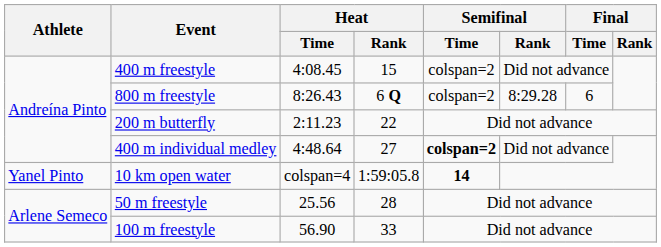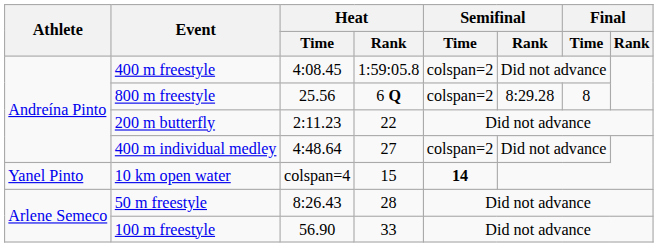 <table class=wikitable style="font-size:90%">
 <tr>
 <th rowspan="2">Athlete</th>
 <th rowspan="2">Event</th>
 <th colspan="2">Heat</th>
 <th colspan="2">Semifinal</th>
 <th colspan="2">Final</th>
 </tr>
 <tr style="font-size:95%">
 <th>Time</th>
 <th>Rank</th>
 <th>Time</th>
 <th>Rank</th>
 <th>Time</th>
 <th>Rank</th>
 </tr>
 <tr align=center>
 <td align=left rowspan=4><a href='#'>Andreína Pinto</a></td>
 <td align=left><a href='#'>400 m freestyle</a></td>
 <td>4:08.45</td>
-<td>15</td>
+<td>1:59:05.8</td>
 <td>colspan=2 </td>
 <td colspan=2>Did not advance</td>
 </tr>
 <tr align=center>
 <td align=left><a href='#'>800 m freestyle</a></td>
-<td>8:26.43</td>
+<td>25.56</td>
 <td>6 <strong>Q</strong></td>
 <td>colspan=2 </td>
 <td>8:29.28</td>
-<td>6</td>
+<td>8</td>
 </tr>
 <tr align=center>
 <td align=left><a href='#'>200 m butterfly</a></td>
 <td>2:11.23</td>
 <td>22</td>
 <td colspan=4>Did not advance</td>
 </tr>
 <tr align=center>
 <td align=left><a href='#'>400 m individual medley</a></td>
 <td>4:48.64</td>
 <td>27</td>
-<td><strong>colspan=2 </strong></td>
+<td>colspan=2 </td>
 <td colspan=2>Did not advance</td>
 </tr>
 <tr align=center>
 <td align=left><a href='#'>Yanel Pinto</a></td>
 <td align=left><a href='#'>10 km open water</a></td>
 <td>colspan=4 </td>
-<td>1:59:05.8</td>
+<td>15</td>
 <td><strong>14</strong></td>
 </tr>
 <tr align=center>
 <td align=left rowspan=2><a href='#'>Arlene Semeco</a></td>
 <td align=left><a href='#'>50 m freestyle</a></td>
-<td>25.56</td>
+<td>8:26.43</td>
 <td>28</td>
 <td colspan=4>Did not advance</td>
 </tr>
 <tr align=center>
 <td align=left><a href='#'>100 m freestyle</a></td>
 <td>56.90</td>
 <td>33</td>
 <td colspan=4>Did not advance</td>
 </tr>
 </table>
